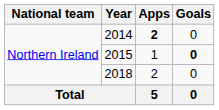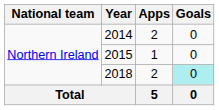 <table class=wikitable style="text-align: center">
 <tr>
 <th>National team</th>
 <th>Year</th>
 <th>Apps</th>
 <th>Goals</th>
 </tr>
 <tr>
 <td rowspan=3><a href='#'>Northern Ireland</a></td>
 <td>2014</td>
-<td><strong>2</strong></td>
+<td>2</td>
 <td>0</td>
 </tr>
 <tr>
 <td>2015</td>
 <td>1</td>
-<td><strong>0</strong></td>
+<td>0</td>
 </tr>
 <tr>
 <td>2018</td>
 <td>2</td>
-<td>0</td>
+<td style="background: paleturquoise;">0</td>
 </tr>
 <tr>
 <th colspan=2>Total</th>
 <th>5</th>
 <th>0</th>
 </tr>
 </table>
